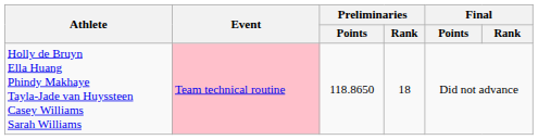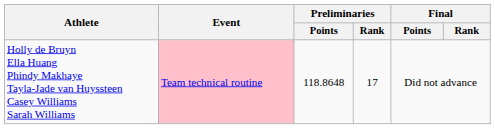 <table class="wikitable" style="text-align:center; font-size:90%; width:50%;">
 <tr>
 <th rowspan="2">Athlete</th>
 <th rowspan="2">Event</th>
 <th colspan="2">Preliminaries</th>
 <th colspan="2">Final</th>
 </tr>
 <tr style="font-size:95%">
 <th>Points</th>
 <th>Rank</th>
 <th>Points</th>
 <th>Rank</th>
 </tr>
 <tr>
 <td align=left><a href='#'>Holly de Bruyn</a><br><a href='#'>Ella Huang</a><br><a href='#'>Phindy Makhaye</a><br><a href='#'>Tayla-Jade van Huyssteen</a><br><a href='#'>Casey Williams</a><br><a href='#'>Sarah Williams</a></td>
 <td align=left style="background: pink;"><a href='#'>Team technical routine</a></td>
-<td>118.8650</td>
-<td>18</td>
+<td>118.8648</td>
+<td>17</td>
 <td colspan=2>Did not advance</td>
 </tr>
 </table>
